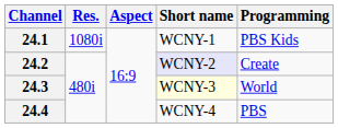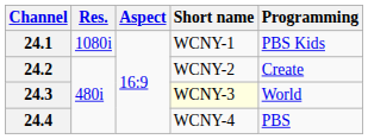 <table class="wikitable">
 <tr>
 <th><a href='#'>Channel</a></th>
 <th><a href='#'>Res.</a></th>
 <th><a href='#'>Aspect</a></th>
 <th>Short name</th>
 <th>Programming</th>
 </tr>
 <tr>
 <th scope = "row">24.1</th>
 <td><a href='#'>1080i</a></td>
 <td rowspan=4><a href='#'>16:9</a></td>
 <td>WCNY-1</td>
 <td><a href='#'>PBS Kids</a></td>
 </tr>
 <tr>
 <th scope = "row">24.2</th>
 <td rowspan=3><a href='#'>480i</a></td>
-<td style="background: lavender;">WCNY-2</td>
+<td>WCNY-2</td>
 <td><a href='#'>Create</a></td>
 </tr>
 <tr>
 <th scope = "row">24.3</th>
 <td style="background: lightyellow;">WCNY-3</td>
 <td><a href='#'>World</a></td>
 </tr>
 <tr>
 <th scope = "row">24.4</th>
 <td>WCNY-4</td>
 <td><a href='#'>PBS</a></td>
 </tr>
 </table>
